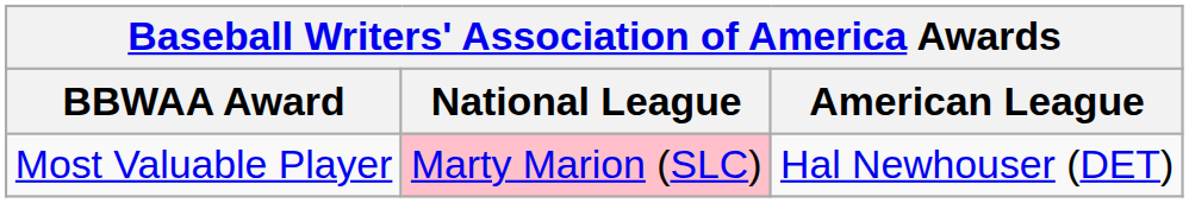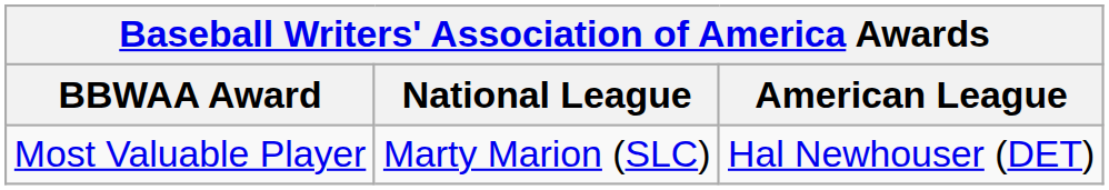 <table class="wikitable">
 <tr>
 <th colspan="3"><a href='#'>Baseball Writers' Association of America</a> Awards</th>
 </tr>
 <tr>
 <th>BBWAA Award</th>
 <th>National League</th>
 <th>American League</th>
 </tr>
 <tr>
 <td><a href='#'>Most Valuable Player</a></td>
-<td style="background: pink;"><a href='#'>Marty Marion</a> (<a href='#'>SLC</a>)</td>
+<td><a href='#'>Marty Marion</a> (<a href='#'>SLC</a>)</td>
 <td><a href='#'>Hal Newhouser</a> (<a href='#'>DET</a>)</td>
 </tr>
 </table>
